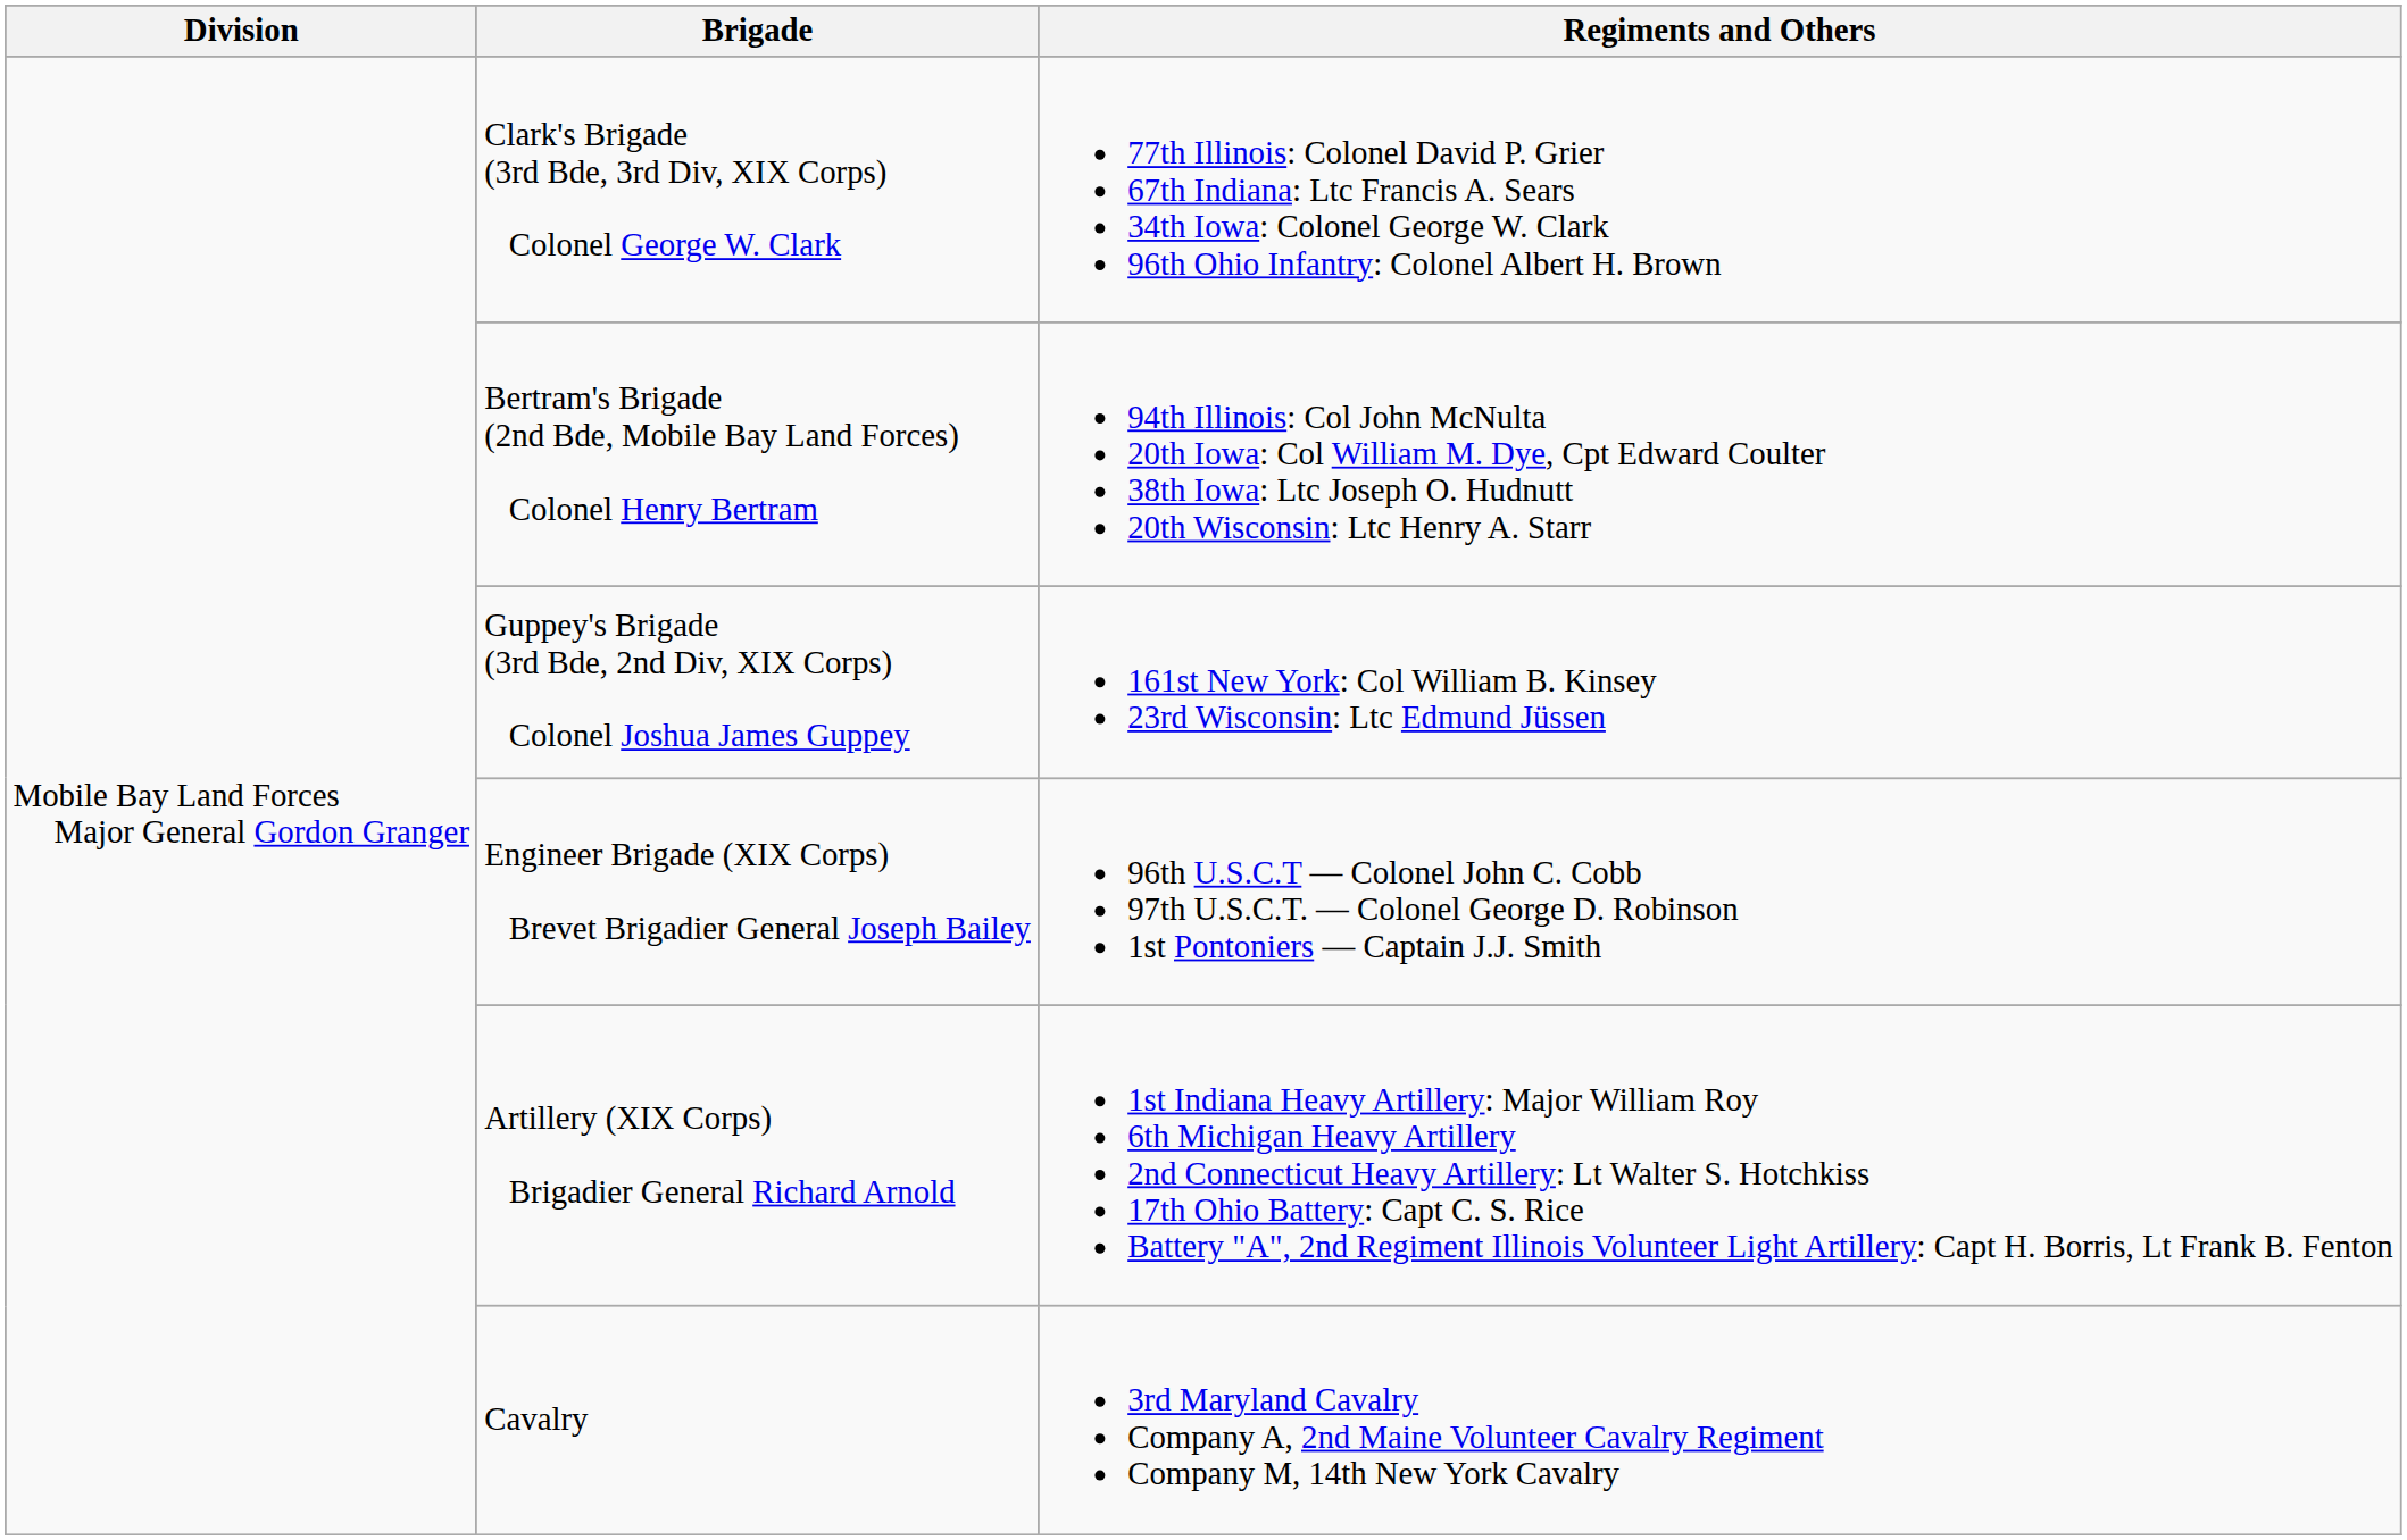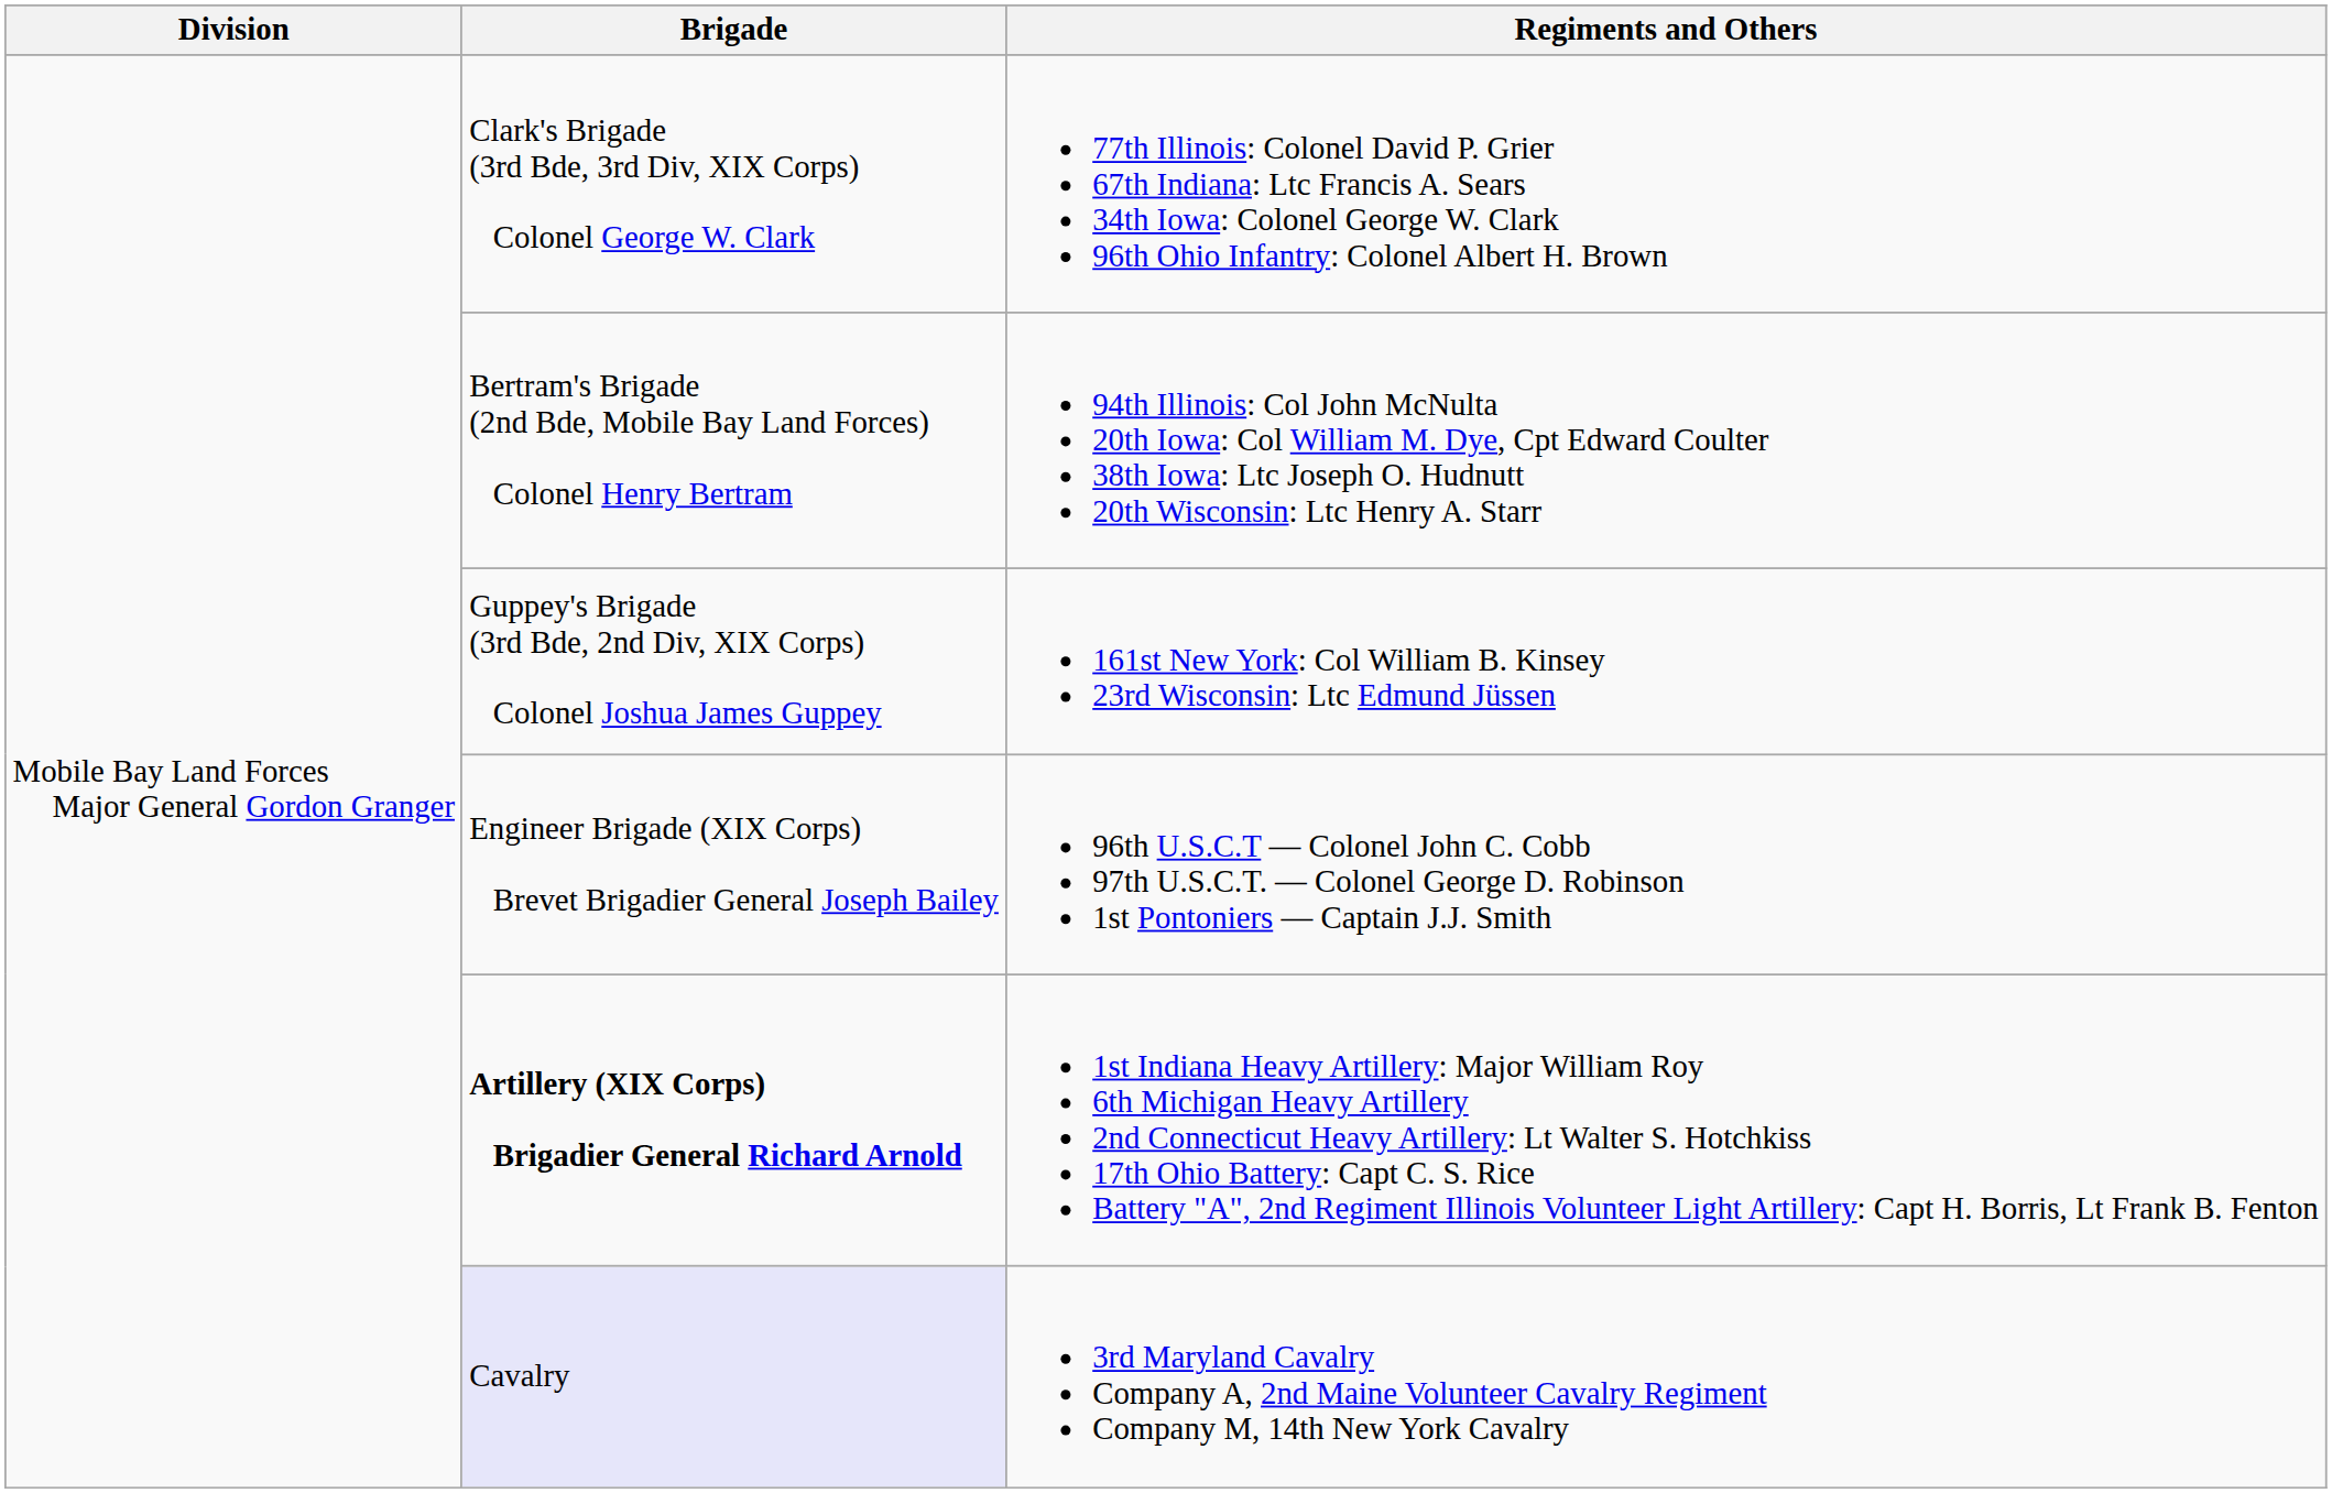 <table class="wikitable">
 <tr>
 <th>Division</th>
 <th>Brigade</th>
 <th>Regiments and Others</th>
 </tr>
 <tr>
 <td rowspan=6><br>Mobile Bay Land Forces <br>     Major General <a href='#'>Gordon Granger</a></td>
 <td>Clark's Brigade<br>(3rd Bde, 3rd Div, XIX Corps)<br><br>    Colonel <a href='#'>George W. Clark</a></td>
 <td><br><ul><li><a href='#'>77th Illinois</a>: Colonel David P. Grier</li><li><a href='#'>67th Indiana</a>: Ltc Francis A. Sears</li><li><a href='#'>34th Iowa</a>: Colonel George W. Clark</li><li><a href='#'>96th Ohio Infantry</a>: Colonel Albert H. Brown</li></ul></td>
 </tr>
 <tr>
 <td>Bertram's Brigade<br>(2nd Bde, Mobile Bay Land Forces)<br><br>    Colonel <a href='#'>Henry Bertram</a></td>
 <td><br><ul><li><a href='#'>94th Illinois</a>: Col John McNulta</li><li><a href='#'>20th Iowa</a>: Col <a href='#'>William M. Dye</a>, Cpt Edward Coulter</li><li><a href='#'>38th Iowa</a>: Ltc Joseph O. Hudnutt</li><li><a href='#'>20th Wisconsin</a>: Ltc Henry A. Starr</li></ul></td>
 </tr>
 <tr>
 <td>Guppey's Brigade<br>(3rd Bde, 2nd Div, XIX Corps)<br><br>    Colonel <a href='#'>Joshua James Guppey</a></td>
 <td><br><ul><li><a href='#'>161st New York</a>: Col William B. Kinsey</li><li><a href='#'>23rd Wisconsin</a>: Ltc <a href='#'>Edmund Jüssen</a></li></ul></td>
 </tr>
 <tr>
 <td>Engineer Brigade (XIX Corps)<br><br>    Brevet Brigadier General <a href='#'>Joseph Bailey</a></td>
 <td><br><ul><li>96th <a href='#'>U.S.C.T</a> — Colonel John C. Cobb</li><li>97th U.S.C.T. — Colonel George D. Robinson</li><li>1st <a href='#'>Pontoniers</a> — Captain J.J. Smith</li></ul></td>
 </tr>
 <tr>
-<td>Artillery (XIX Corps)<br><br>    Brigadier General <a href='#'>Richard Arnold</a></td>
+<td><strong>Artillery (XIX Corps)<br><br>    Brigadier General <a href='#'>Richard Arnold</a></strong></td>
 <td><br><ul><li><a href='#'>1st Indiana Heavy Artillery</a>: Major William Roy</li><li><a href='#'>6th Michigan Heavy Artillery</a></li><li><a href='#'>2nd Connecticut Heavy Artillery</a>: Lt Walter S. Hotchkiss</li><li><a href='#'>17th Ohio Battery</a>: Capt C. S. Rice</li><li><a href='#'>Battery "A", 2nd Regiment Illinois Volunteer Light Artillery</a>: Capt H. Borris, Lt Frank B. Fenton</li></ul></td>
 </tr>
 <tr>
-<td>Cavalry</td>
+<td style="background: lavender;">Cavalry</td>
 <td><br><ul><li><a href='#'>3rd Maryland Cavalry</a></li><li>Company A, <a href='#'>2nd Maine Volunteer Cavalry Regiment</a></li><li>Company M, 14th New York Cavalry</li></ul></td>
 </tr>
 </table>
